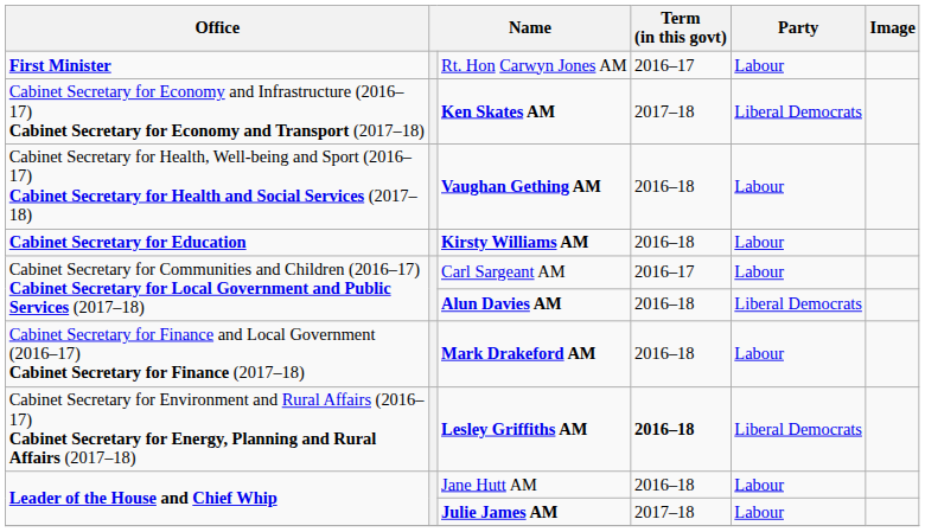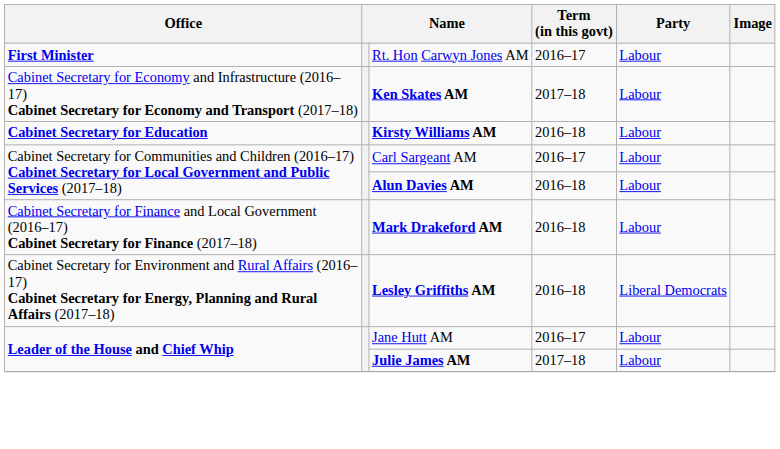 <table class="wikitable">
 <tr>
 <th style="width: 390px">Office</th>
 <th colspan="2">Name</th>
 <th>Term <br> (in this govt)</th>
 <th>Party</th>
 <th>Image</th>
 </tr>
 <tr>
 <td><strong><a href='#'>First Minister</a></strong></td>
 <th style="background-color: "></th>
 <td><a href='#'>Rt. Hon</a> <a href='#'>Carwyn Jones</a> AM</td>
 <td>2016–17</td>
 <td><a href='#'>Labour</a></td>
 <td></td>
 </tr>
 <tr>
 <td><a href='#'>Cabinet Secretary for Economy</a> and Infrastructure (2016–17)<br><strong>Cabinet Secretary for Economy and Transport</strong> (2017–18)</td>
 <th style="background-color: "></th>
 <td><strong><a href='#'>Ken Skates</a> AM</strong></td>
 <td>2017–18</td>
-<td><a href='#'>Liberal Democrats</a></td>
-<td></td>
-</tr>
-<tr>
-<td>Cabinet Secretary for Health, Well-being and Sport (2016–17)<br><strong><a href='#'>Cabinet Secretary for Health and Social Services</a></strong> (2017–18)</td>
-<th style="background-color: "></th>
-<td><strong><a href='#'>Vaughan Gething</a> AM</strong></td>
-<td>2016–18</td>
 <td><a href='#'>Labour</a></td>
 <td></td>
 </tr>
 <tr>
 <td><strong><a href='#'>Cabinet Secretary for Education</a></strong></td>
 <th style="background-color: "></th>
 <td><strong><a href='#'>Kirsty Williams</a> AM</strong></td>
 <td>2016–18</td>
 <td><a href='#'>Labour</a></td>
 <td></td>
 </tr>
 <tr>
 <td rowspan="2">Cabinet Secretary for Communities and Children (2016–17)<br><strong><a href='#'>Cabinet Secretary for Local Government and Public Services</a></strong> (2017–18)</td>
 <th rowspan="2" style="background-color: "></th>
 <td><a href='#'>Carl Sargeant</a> AM</td>
 <td>2016–17</td>
 <td><a href='#'>Labour</a></td>
 <td></td>
 </tr>
 <tr>
 <td><strong><a href='#'>Alun Davies</a> AM</strong></td>
 <td>2016–18</td>
-<td><a href='#'>Liberal Democrats</a></td>
+<td><a href='#'>Labour</a></td>
 <td></td>
 </tr>
 <tr>
 <td><a href='#'>Cabinet Secretary for Finance</a> and Local Government (2016–17)<br><strong>Cabinet Secretary for Finance</strong> (2017–18)</td>
 <th style="background-color: "></th>
 <td><strong><a href='#'>Mark Drakeford</a> AM </strong></td>
 <td>2016–18</td>
 <td><a href='#'>Labour</a></td>
 <td></td>
 </tr>
 <tr>
 <td>Cabinet Secretary for Environment and <a href='#'>Rural Affairs</a> (2016–17)<br><strong>Cabinet Secretary for Energy, Planning and Rural Affairs</strong> (2017–18)</td>
 <th style="background-color: "></th>
 <td><strong><a href='#'>Lesley Griffiths</a> AM </strong></td>
-<td><strong>2016–18</strong></td>
+<td>2016–18</td>
 <td><a href='#'>Liberal Democrats</a></td>
 <td></td>
 </tr>
 <tr>
 <td rowspan="2"><strong><a href='#'>Leader of the House</a> and <a href='#'>Chief Whip</a></strong></td>
 <th rowspan="2" style="background-color: "></th>
 <td><a href='#'>Jane Hutt</a> AM</td>
-<td>2016–18</td>
+<td>2016–17</td>
 <td><a href='#'>Labour</a></td>
 <td></td>
 </tr>
 <tr>
 <td><strong><a href='#'>Julie James</a> AM</strong></td>
 <td>2017–18</td>
 <td><a href='#'>Labour</a></td>
 <td></td>
 </tr>
 <tr>
 </tr>
 </table>
